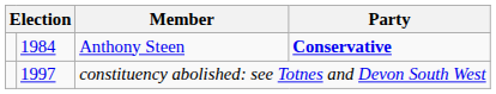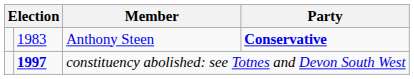 <table class="wikitable">
 <tr>
 <th colspan="2">Election</th>
 <th>Member</th>
 <th>Party</th>
 </tr>
 <tr>
 <td style="color:inherit;background-color: "></td>
-<td><a href='#'>1984</a></td>
+<td><a href='#'>1983</a></td>
 <td><a href='#'>Anthony Steen</a></td>
 <td><strong><a href='#'>Conservative</a></strong></td>
 </tr>
 <tr>
 <td></td>
-<td><a href='#'>1997</a></td>
+<td><strong><a href='#'>1997</a></strong></td>
 <td colspan="2"><em>constituency abolished: see <a href='#'>Totnes</a> and <a href='#'>Devon South West</a></em></td>
 </tr>
 </table>
